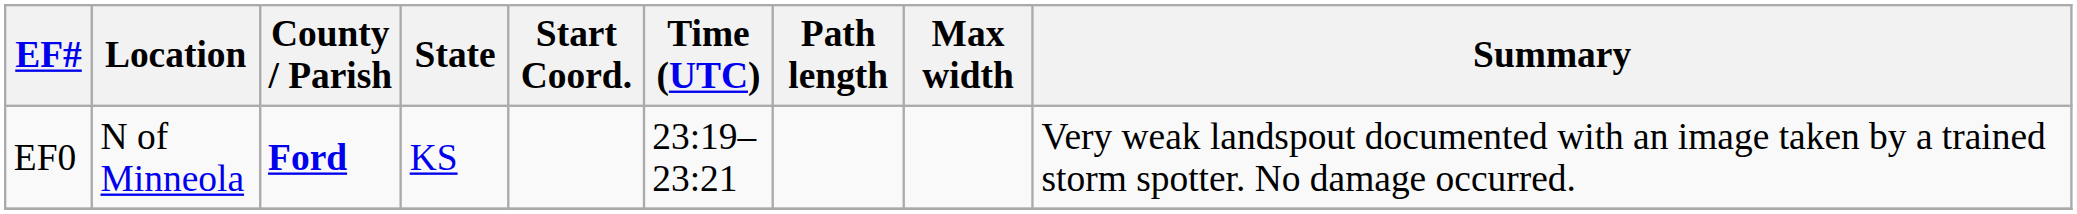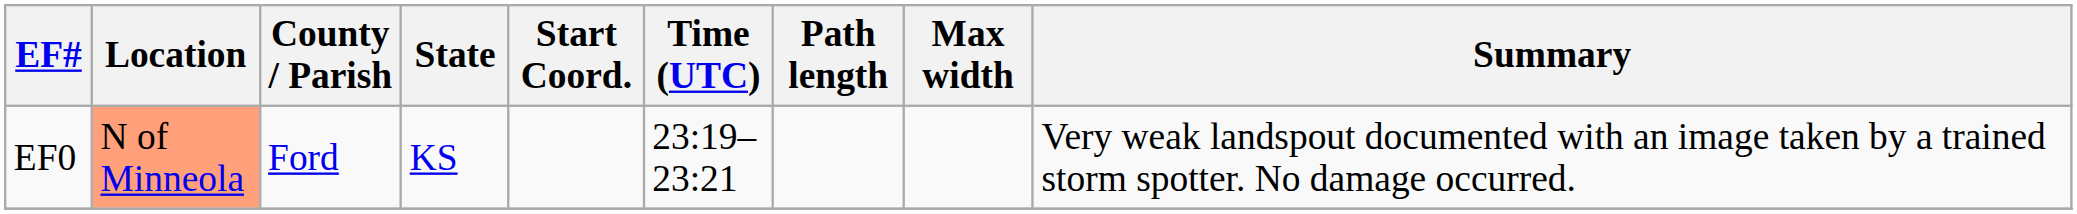 <table class="wikitable sortable" style="width:100%;">
 <tr>
 <th scope="col"  style="width:3%; text-align:center;"><a href='#'>EF#</a></th>
 <th scope="col"  style="width:7%; text-align:center;" class="unsortable">Location</th>
 <th scope="col"  style="width:6%; text-align:center;" class="unsortable">County / Parish</th>
 <th scope="col"  style="width:5%; text-align:center;">State</th>
 <th scope="col"  style="width:6%; text-align:center;">Start Coord.</th>
 <th scope="col"  style="width:6%; text-align:center;">Time (<a href='#'>UTC</a>)</th>
 <th scope="col"  style="width:6%; text-align:center;">Path length</th>
 <th scope="col"  style="width:6%; text-align:center;">Max width</th>
 <th scope="col" class="unsortable" style="width:48%; text-align:center;">Summary</th>
 </tr>
 <tr>
 <td>EF0</td>
-<td>N of <a href='#'>Minneola</a></td>
-<td><strong><a href='#'>Ford</a></strong></td>
+<td style="background: lightsalmon;">N of <a href='#'>Minneola</a></td>
+<td><a href='#'>Ford</a></td>
 <td><a href='#'>KS</a></td>
 <td></td>
 <td>23:19–23:21</td>
 <td></td>
 <td></td>
 <td>Very weak landspout documented with an image taken by a trained storm spotter. No damage occurred.</td>
 </tr>
 <tr>
 </tr>
 </table>
